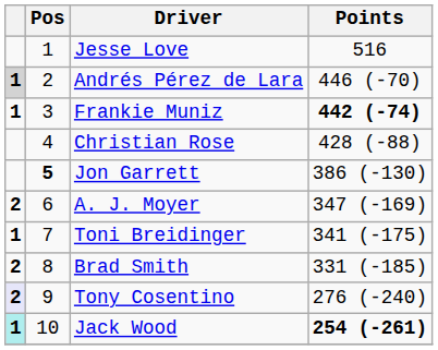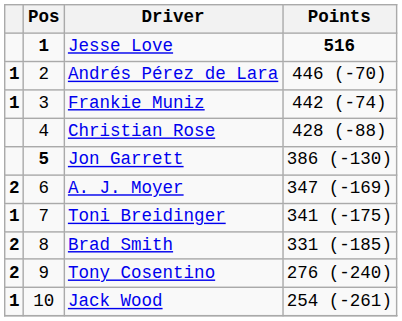 <table class="wikitable" style="font-size: 95%;">
 <tr>
 <th></th>
 <th>Pos</th>
 <th>Driver</th>
 <th>Points</th>
 </tr>
 <tr>
 <td align="left"></td>
-<td style="text-align:center;">1</td>
+<td style="text-align:center;"><strong>1</strong></td>
 <td><a href='#'>Jesse Love</a></td>
-<td style="text-align:center;">516</td>
+<td style="text-align:center;"><strong>516</strong></td>
 </tr>
 <tr>
-<td align="left" style="background: lightgrey;"> <strong>1</strong></td>
+<td align="left"> <strong>1</strong></td>
 <td style="text-align:center;">2</td>
 <td><a href='#'>Andrés Pérez de Lara</a></td>
 <td style="text-align:center;">446 (-70)</td>
 </tr>
 <tr>
 <td align="left"> <strong>1</strong></td>
 <td style="text-align:center;">3</td>
 <td><a href='#'>Frankie Muniz</a></td>
-<td style="text-align:center;"><strong>442 (-74)</strong></td>
+<td style="text-align:center;">442 (-74)</td>
 </tr>
 <tr>
 <td align="left"></td>
 <td style="text-align:center;">4</td>
 <td><a href='#'>Christian Rose</a></td>
 <td style="text-align:center;">428 (-88)</td>
 </tr>
 <tr>
 <td align="left"></td>
 <td style="text-align:center;"><strong>5</strong></td>
 <td><a href='#'>Jon Garrett</a></td>
 <td style="text-align:center;">386 (-130)</td>
 </tr>
 <tr>
 <td align="left"> <strong>2</strong></td>
 <td style="text-align:center;">6</td>
 <td><a href='#'>A. J. Moyer</a></td>
 <td style="text-align:center;">347 (-169)</td>
 </tr>
 <tr>
 <td align="left"> <strong>1</strong></td>
 <td style="text-align:center;">7</td>
 <td><a href='#'>Toni Breidinger</a></td>
 <td style="text-align:center;">341 (-175)</td>
 </tr>
 <tr>
 <td align="left"> <strong>2</strong></td>
 <td style="text-align:center;">8</td>
 <td><a href='#'>Brad Smith</a></td>
 <td style="text-align:center;">331 (-185)</td>
 </tr>
 <tr>
-<td align="left" style="background: lavender;"> <strong>2</strong></td>
+<td align="left"> <strong>2</strong></td>
 <td style="text-align:center;">9</td>
 <td><a href='#'>Tony Cosentino</a></td>
 <td style="text-align:center;">276 (-240)</td>
 </tr>
 <tr>
-<td align="left" style="background: paleturquoise;"> <strong>1</strong></td>
+<td align="left"> <strong>1</strong></td>
 <td style="text-align:center;">10</td>
 <td><a href='#'>Jack Wood</a></td>
-<td style="text-align:center;"><strong>254 (-261)</strong></td>
+<td style="text-align:center;">254 (-261)</td>
 </tr>
 <tr class="sortbottom">
 </tr>
 </table>
